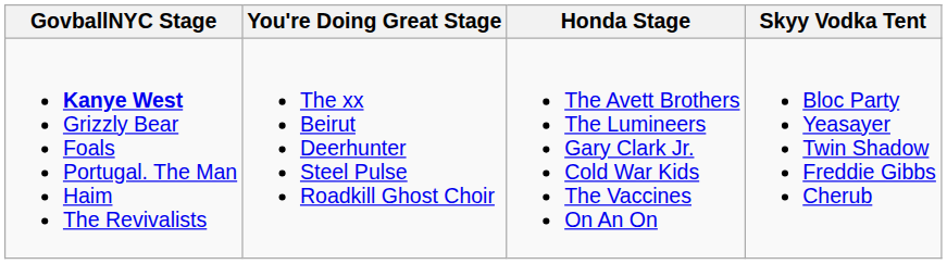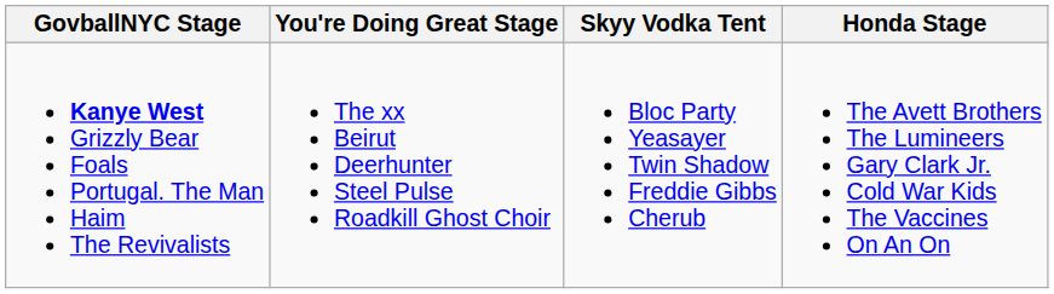 <table class="wikitable">
 <tr>
 <th>GovballNYC Stage</th>
 <th>You're Doing Great Stage</th>
+<th>Skyy Vodka Tent</th>
 <th>Honda Stage</th>
-<th>Skyy Vodka Tent</th>
 </tr>
 <tr valign="top">
 <td><br><ul><li><strong><a href='#'>Kanye West</a></strong></li><li><a href='#'>Grizzly Bear</a></li><li><a href='#'>Foals</a></li><li><a href='#'>Portugal. The Man</a></li><li><a href='#'>Haim</a></li><li><a href='#'>The Revivalists</a></li></ul></td>
 <td><br><ul><li><a href='#'>The xx</a></li><li><a href='#'>Beirut</a></li><li><a href='#'>Deerhunter</a></li><li><a href='#'>Steel Pulse</a></li><li><a href='#'>Roadkill Ghost Choir</a></li></ul></td>
+<td><br><ul><li><a href='#'>Bloc Party</a></li><li><a href='#'>Yeasayer</a></li><li><a href='#'>Twin Shadow</a></li><li><a href='#'>Freddie Gibbs</a></li><li><a href='#'>Cherub</a></li></ul></td>
 <td><br><ul><li><a href='#'>The Avett Brothers</a></li><li><a href='#'>The Lumineers</a></li><li><a href='#'>Gary Clark Jr.</a></li><li><a href='#'>Cold War Kids</a></li><li><a href='#'>The Vaccines</a></li><li><a href='#'>On An On</a></li></ul></td>
-<td><br><ul><li><a href='#'>Bloc Party</a></li><li><a href='#'>Yeasayer</a></li><li><a href='#'>Twin Shadow</a></li><li><a href='#'>Freddie Gibbs</a></li><li><a href='#'>Cherub</a></li></ul></td>
 </tr>
 </table>
